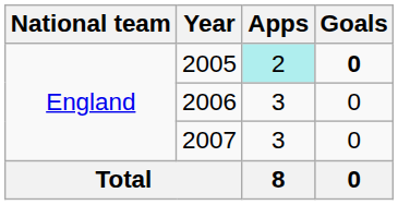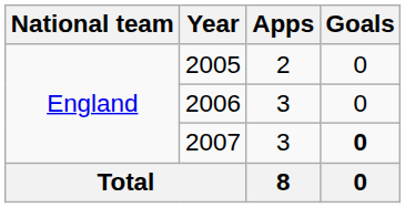 <table class=wikitable style="text-align: center;">
 <tr>
 <th>National team</th>
 <th>Year</th>
 <th>Apps</th>
 <th>Goals</th>
 </tr>
 <tr>
 <td rowspan=3><a href='#'>England</a></td>
 <td>2005</td>
-<td style="background: paleturquoise;">2</td>
-<td><strong>0</strong></td>
+<td>2</td>
+<td>0</td>
 </tr>
 <tr>
 <td>2006</td>
 <td>3</td>
 <td>0</td>
 </tr>
 <tr>
 <td>2007</td>
 <td>3</td>
-<td>0</td>
+<td><strong>0</strong></td>
 </tr>
 <tr>
 <th colspan=2>Total</th>
 <th>8</th>
 <th>0</th>
 </tr>
 </table>
